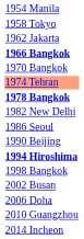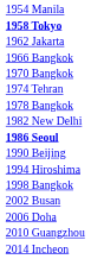 <table>
 <tr>
 <td><a href='#'>1954 Manila</a></td>
 <td></td>
 <td></td>
 <td></td>
 </tr>
 <tr>
-<td><a href='#'>1958 Tokyo</a></td>
+<td><strong><a href='#'>1958 Tokyo</a></strong></td>
 <td></td>
 <td></td>
 <td></td>
 </tr>
 <tr>
 <td><a href='#'>1962 Jakarta</a></td>
 <td></td>
 <td></td>
 <td></td>
 </tr>
 <tr>
-<td><strong><a href='#'>1966 Bangkok</a></strong></td>
+<td><a href='#'>1966 Bangkok</a></td>
 <td></td>
 <td></td>
 <td></td>
 </tr>
 <tr>
 <td><a href='#'>1970 Bangkok</a></td>
 <td></td>
 <td></td>
 <td></td>
 </tr>
 <tr>
-<td style="background: lightsalmon;"><a href='#'>1974 Tehran</a></td>
+<td><a href='#'>1974 Tehran</a></td>
 <td></td>
 <td></td>
 <td></td>
 </tr>
 <tr>
-<td><strong><a href='#'>1978 Bangkok</a></strong></td>
+<td><a href='#'>1978 Bangkok</a></td>
 <td></td>
 <td></td>
 <td></td>
 </tr>
 <tr>
 <td><a href='#'>1982 New Delhi</a></td>
 <td></td>
 <td></td>
 <td></td>
 </tr>
 <tr>
-<td><a href='#'>1986 Seoul</a></td>
+<td><strong><a href='#'>1986 Seoul</a></strong></td>
 <td></td>
 <td></td>
 <td></td>
 </tr>
 <tr>
 <td><a href='#'>1990 Beijing</a></td>
 <td></td>
 <td></td>
 <td></td>
 </tr>
 <tr>
-<td><strong><a href='#'>1994 Hiroshima</a></strong></td>
+<td><a href='#'>1994 Hiroshima</a></td>
 <td></td>
 <td></td>
 <td></td>
 </tr>
 <tr>
 <td><a href='#'>1998 Bangkok</a></td>
 <td></td>
 <td></td>
 <td></td>
 </tr>
 <tr>
 <td><a href='#'>2002 Busan</a></td>
 <td></td>
 <td></td>
 <td></td>
 </tr>
 <tr>
 <td rowspan=2><a href='#'>2006 Doha</a></td>
 <td rowspan=2></td>
 <td rowspan=2></td>
 <td></td>
 </tr>
 <tr>
 <td></td>
 </tr>
 <tr>
 <td rowspan=2><a href='#'>2010 Guangzhou</a></td>
 <td rowspan=2></td>
 <td rowspan=2></td>
 <td></td>
 </tr>
 <tr>
 <td></td>
 </tr>
 <tr>
 <td rowspan=2><a href='#'>2014 Incheon</a></td>
 <td rowspan=2></td>
 <td rowspan=2></td>
 <td></td>
 </tr>
 <tr>
 <td></td>
 </tr>
 </table>
